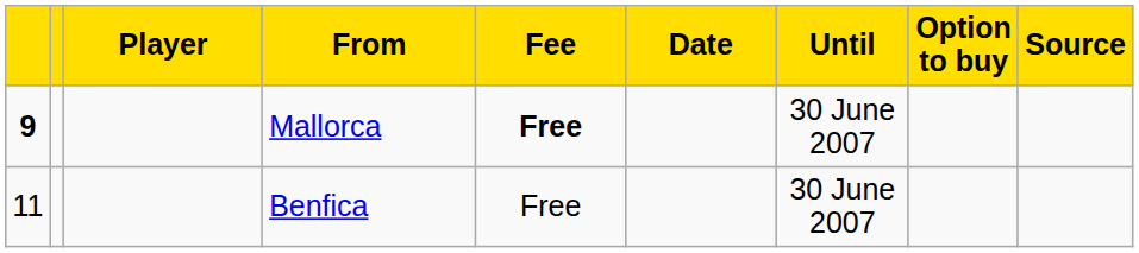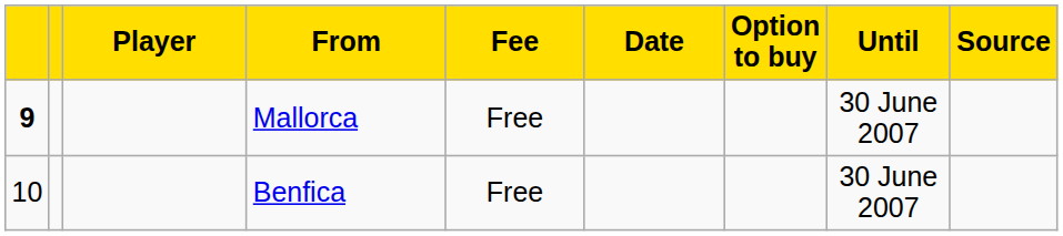 <table class="wikitable sortable">
 <tr>
 <th style="background:#FFDE00"></th>
 <th style="background:#FFDE00"></th>
 <th width=200 style="background:#FFDE00">Player</th>
 <th width=200 style="background:#FFDE00">From</th>
 <th width=150 style="background:#FFDE00">Fee</th>
 <th width=150 style="background:#FFDE00">Date</th>
+<th style="background:#FFDE00">Option to buy</th>
 <th width=120 style="background:#FFDE00">Until</th>
-<th style="background:#FFDE00">Option to buy</th>
 <th style="background:#FFDE00">Source</th>
 </tr>
 <tr>
 <td align=center><strong>9</strong></td>
 <td align=center></td>
 <td></td>
 <td> <a href='#'>Mallorca</a></td>
-<td align=center><strong>Free</strong></td>
+<td align=center>Free</td>
+<td align=center></td>
 <td align=center></td>
 <td align=center>30 June 2007</td>
 <td align=center></td>
-<td align=center></td>
 </tr>
 <tr>
-<td align=center>11</td>
+<td align=center>10</td>
 <td align=center></td>
 <td></td>
 <td> <a href='#'>Benfica</a></td>
 <td align=center>Free</td>
 <td align=center></td>
+<td align=center></td>
 <td align=center>30 June 2007</td>
-<td align=center></td>
 <td align=center></td>
 </tr>
 </table>
